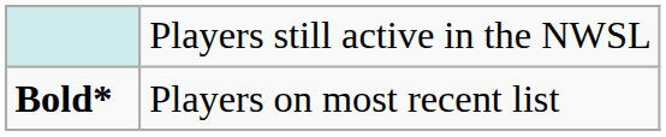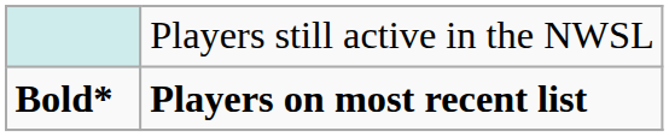 <table class="wikitable">
 <tr>
 <td style="background-color:#CFECEC; width:3em"></td>
 <td>Players still active in the NWSL</td>
 </tr>
 <tr>
 <td><strong>Bold*</strong></td>
-<td>Players on most recent list</td>
+<td><strong>Players on most recent list</strong></td>
 </tr>
 <tr>
 </tr>
 </table>
